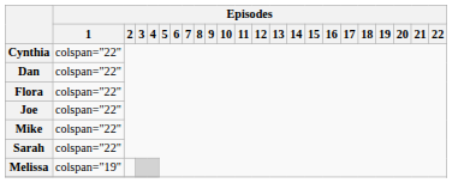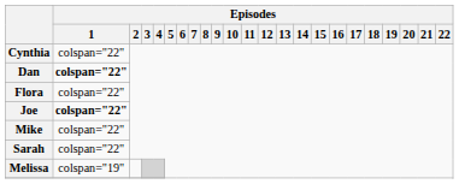 <table class="wikitable" style="text-align:center; width:40%;">
 <tr>
 <th scope="col" rowspan="2" style="width:18%;"></th>
 <th scope="colgroup" colspan="22">Episodes</th>
 </tr>
 <tr>
 <th scope="col" style="width:8%;">1</th>
 <th scope="col" style="width:8%;">2</th>
 <th scope="col" style="width:8%;">3</th>
 <th scope="col" style="width:8%;">4</th>
 <th scope="col" style="width:8%;">5</th>
 <th scope="col" style="width:8%;">6</th>
 <th scope="col" style="width:8%;">7</th>
 <th scope="col" style="width:8%;">8</th>
 <th scope="col" style="width:8%;">9</th>
 <th scope="col" style="width:8%;">10</th>
 <th scope="col" style="width:8%;">11</th>
 <th scope="col" style="width:8%;">12</th>
 <th scope="col" style="width:8%;">13</th>
 <th scope="col" style="width:8%;">14</th>
 <th scope="col" style="width:8%;">15</th>
 <th scope="col" style="width:8%;">16</th>
 <th scope="col" style="width:8%;">17</th>
 <th scope="col" style="width:8%;">18</th>
 <th scope="col" style="width:8%;">19</th>
 <th scope="col" style="width:8%;">20</th>
 <th scope="col" style="width:8%;">21</th>
 <th scope="col" style="width:8%;">22</th>
 </tr>
 <tr>
 <th scope="row">Cynthia</th>
 <td>colspan="22" </td>
 </tr>
 <tr>
 <th scope="row">Dan</th>
-<td>colspan="22" </td>
+<td><strong>colspan="22" </strong></td>
 </tr>
 <tr>
 <th scope="row">Flora</th>
 <td>colspan="22" </td>
 </tr>
 <tr>
 <th scope="row">Joe</th>
-<td>colspan="22" </td>
+<td><strong>colspan="22" </strong></td>
 </tr>
 <tr>
 <th scope="row">Mike</th>
 <td>colspan="22" </td>
 </tr>
 <tr>
 <th scope="row">Sarah</th>
 <td>colspan="22" </td>
 </tr>
 <tr>
 <th scope="row">Melissa</th>
 <td>colspan="19" </td>
 <td></td>
 <td style="background:lightgrey;" colspan="2"></td>
 </tr>
 <tr>
 </tr>
 </table>
